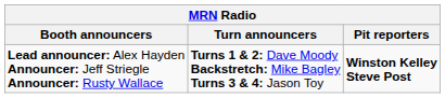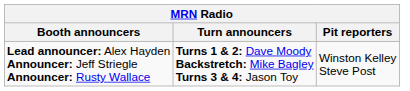 <table class="wikitable" style="font-size: 95%">
 <tr>
 <th colspan="3"><a href='#'>MRN</a> Radio</th>
 </tr>
 <tr>
 <th>Booth announcers</th>
 <th>Turn announcers</th>
 <th>Pit reporters</th>
 </tr>
 <tr>
 <td><strong>Lead announcer:</strong> Alex Hayden<br><strong>Announcer:</strong> Jeff Striegle <br><strong>Announcer:</strong> <a href='#'>Rusty Wallace</a></td>
 <td><strong>Turns 1 & 2:</strong> <a href='#'>Dave Moody</a><br><strong>Backstretch:</strong> <a href='#'>Mike Bagley</a><br><strong>Turns 3 & 4:</strong> Jason Toy</td>
-<td><strong>Winston Kelley<br>Steve Post</strong></td>
+<td>Winston Kelley<br>Steve Post</td>
 </tr>
 </table>
